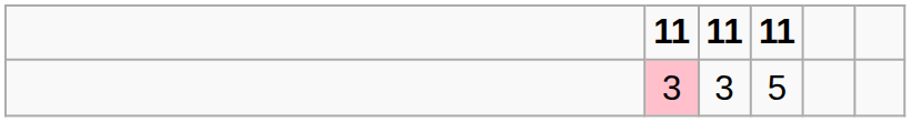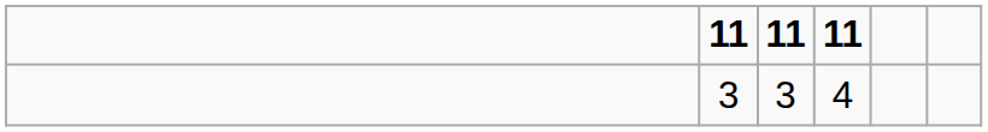 <table class="wikitable">
 <tr>
 <td style="width:18em"></td>
 <td align=center style="width:1em"><strong>11</strong></td>
 <td align=center style="width:1em"><strong>11</strong></td>
 <td align=center style="width:1em"><strong>11</strong></td>
 <td align=center style="width:1em"></td>
 <td align=center style="width:1em"></td>
 </tr>
 <tr>
 <td style="width:18em"></td>
-<td align=center style="background: pink; width:1em">3</td>
 <td align=center style="width:1em">3</td>
-<td align=center style="width:1em">5</td>
+<td align=center style="width:1em">3</td>
+<td align=center style="width:1em">4</td>
 <td align=center style="width:1em"></td>
 <td align=center style="width:1em"></td>
 </tr>
 </table>
